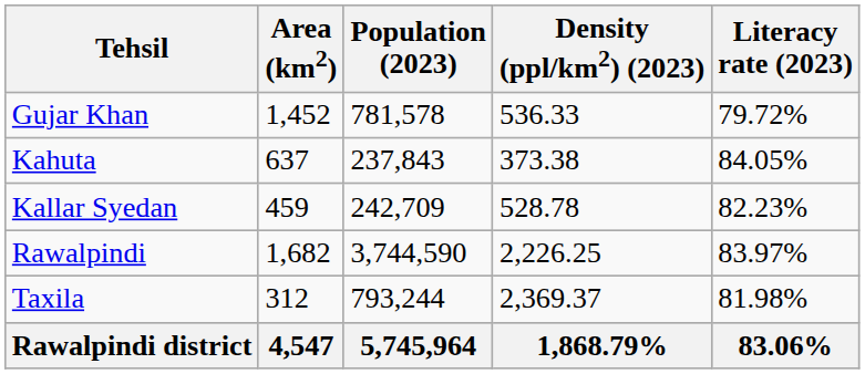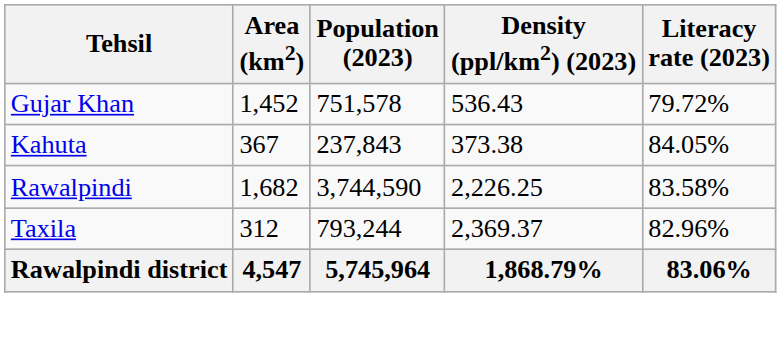 <table class="wikitable sortable static-row-numbers static-row-header-text hover-highlight">
 <tr>
 <th>Tehsil</th>
 <th>Area<br>(km<sup>2</sup>)</th>
 <th>Population<br>(2023)</th>
 <th>Density<br>(ppl/km<sup>2</sup>) (2023)</th>
 <th>Literacy<br>rate (2023)</th>
 </tr>
 <tr>
 <td><a href='#'>Gujar Khan</a></td>
 <td>1,452</td>
-<td>781,578</td>
-<td>536.33</td>
+<td>751,578</td>
+<td>536.43</td>
 <td>79.72%</td>
 </tr>
 <tr>
 <td><a href='#'>Kahuta</a></td>
-<td>637</td>
+<td>367</td>
 <td>237,843</td>
 <td>373.38</td>
 <td>84.05%</td>
-</tr>
-<tr>
-<td><a href='#'>Kallar Syedan</a></td>
-<td>459</td>
-<td>242,709</td>
-<td>528.78</td>
-<td>82.23%</td>
 </tr>
 <tr>
 <td><a href='#'>Rawalpindi</a></td>
 <td>1,682</td>
 <td>3,744,590</td>
 <td>2,226.25</td>
-<td>83.97%</td>
+<td>83.58%</td>
 </tr>
 <tr>
 <td><a href='#'>Taxila</a></td>
 <td>312</td>
 <td>793,244</td>
 <td>2,369.37</td>
-<td>81.98%</td>
+<td>82.96%</td>
 </tr>
 <tr>
 <th>Rawalpindi district</th>
 <th>4,547</th>
 <th>5,745,964</th>
 <th>1,868.79%</th>
 <th>83.06%</th>
 </tr>
 </table>
